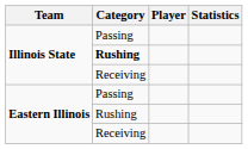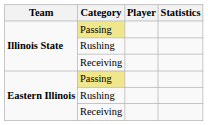 <table class="wikitable" style="float: right;">
 <tr>
 <th>Team</th>
 <th>Category</th>
 <th>Player</th>
 <th>Statistics</th>
 </tr>
 <tr>
 <td rowspan=3><strong>Illinois State</strong></td>
-<td>Passing</td>
+<td style="background: khaki;">Passing</td>
 <td></td>
 <td></td>
 </tr>
 <tr>
-<td><strong>Rushing</strong></td>
+<td>Rushing</td>
 <td></td>
 <td></td>
 </tr>
 <tr>
 <td>Receiving</td>
 <td></td>
 <td></td>
 </tr>
 <tr>
 <td rowspan=3><strong>Eastern Illinois</strong></td>
-<td>Passing</td>
+<td style="background: khaki;">Passing</td>
 <td></td>
 <td></td>
 </tr>
 <tr>
 <td>Rushing</td>
 <td></td>
 <td></td>
 </tr>
 <tr>
 <td>Receiving</td>
 <td></td>
 <td></td>
 </tr>
 </table>
